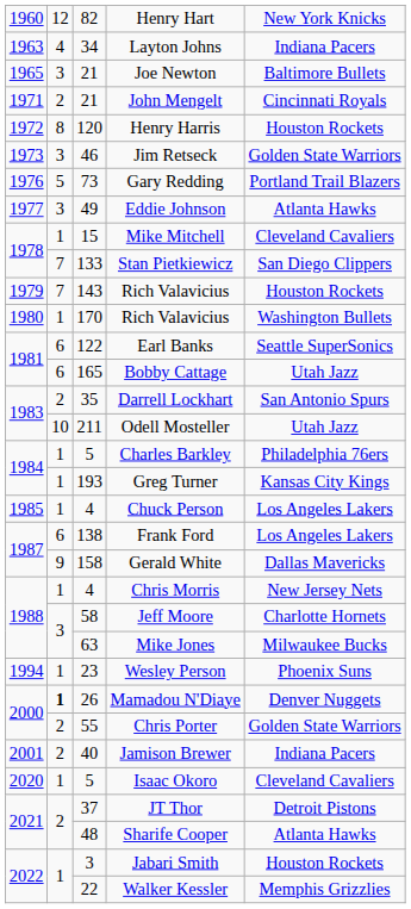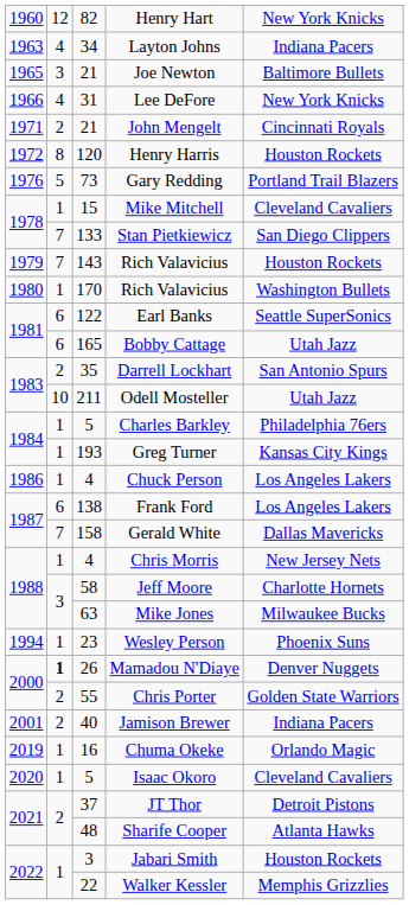 <table class="wikitable">
 <tr align="center">
 <td><a href='#'>1960</a></td>
 <td>12</td>
 <td>82</td>
 <td>Henry Hart</td>
 <td><a href='#'>New York Knicks</a></td>
 </tr>
 <tr align="center">
 <td><a href='#'>1963</a></td>
 <td>4</td>
 <td>34</td>
 <td>Layton Johns</td>
 <td><a href='#'>Indiana Pacers</a></td>
 </tr>
 <tr align="center">
 <td><a href='#'>1965</a></td>
 <td>3</td>
 <td>21</td>
 <td>Joe Newton</td>
 <td><a href='#'>Baltimore Bullets</a></td>
 </tr>
 <tr align="center">
+<td><a href='#'>1966</a></td>
+<td>4</td>
+<td>31</td>
+<td>Lee DeFore</td>
+<td><a href='#'>New York Knicks</a></td>
+</tr>
+<tr align="center">
 <td><a href='#'>1971</a></td>
 <td>2</td>
 <td>21</td>
 <td><a href='#'>John Mengelt</a></td>
 <td><a href='#'>Cincinnati Royals</a></td>
 </tr>
 <tr align="center">
 <td><a href='#'>1972</a></td>
 <td>8</td>
 <td>120</td>
 <td>Henry Harris</td>
 <td><a href='#'>Houston Rockets</a></td>
 </tr>
 <tr align="center">
-<td><a href='#'>1973</a></td>
-<td>3</td>
-<td>46</td>
-<td>Jim Retseck</td>
-<td><a href='#'>Golden State Warriors</a></td>
-</tr>
-<tr align="center">
 <td><a href='#'>1976</a></td>
 <td>5</td>
 <td>73</td>
 <td>Gary Redding</td>
 <td><a href='#'>Portland Trail Blazers</a></td>
-</tr>
-<tr align="center">
-<td><a href='#'>1977</a></td>
-<td>3</td>
-<td>49</td>
-<td><a href='#'>Eddie Johnson</a></td>
-<td><a href='#'>Atlanta Hawks</a></td>
 </tr>
 <tr align="center">
 <td rowspan="2"><a href='#'>1978</a></td>
 <td>1</td>
 <td>15</td>
 <td><a href='#'>Mike Mitchell</a></td>
 <td><a href='#'>Cleveland Cavaliers</a></td>
 </tr>
 <tr align="center">
 <td>7</td>
 <td>133</td>
 <td><a href='#'>Stan Pietkiewicz</a></td>
 <td><a href='#'>San Diego Clippers</a></td>
 </tr>
 <tr align="center">
 <td><a href='#'>1979</a></td>
 <td>7</td>
 <td>143</td>
 <td>Rich Valavicius</td>
 <td><a href='#'>Houston Rockets</a></td>
 </tr>
 <tr align="center">
 <td><a href='#'>1980</a></td>
 <td>1</td>
 <td>170</td>
 <td>Rich Valavicius</td>
 <td><a href='#'>Washington Bullets</a></td>
 </tr>
 <tr align="center">
 <td rowspan="2"><a href='#'>1981</a></td>
 <td>6</td>
 <td>122</td>
 <td>Earl Banks</td>
 <td><a href='#'>Seattle SuperSonics</a></td>
 </tr>
 <tr align="center">
 <td>6</td>
 <td>165</td>
 <td><a href='#'>Bobby Cattage</a></td>
 <td><a href='#'>Utah Jazz</a></td>
 </tr>
 <tr align="center">
 <td rowspan="2"><a href='#'>1983</a></td>
 <td>2</td>
 <td>35</td>
 <td><a href='#'>Darrell Lockhart</a></td>
 <td><a href='#'>San Antonio Spurs</a></td>
 </tr>
 <tr align="center">
 <td>10</td>
 <td>211</td>
 <td>Odell Mosteller</td>
 <td><a href='#'>Utah Jazz</a></td>
 </tr>
 <tr align="center">
 <td rowspan="2"><a href='#'>1984</a></td>
 <td>1</td>
 <td>5</td>
 <td><a href='#'>Charles Barkley</a></td>
 <td><a href='#'>Philadelphia 76ers</a></td>
 </tr>
 <tr align="center">
 <td>1</td>
 <td>193</td>
 <td>Greg Turner</td>
 <td><a href='#'>Kansas City Kings</a></td>
 </tr>
 <tr align="center">
-<td><a href='#'>1985</a></td>
+<td><a href='#'>1986</a></td>
 <td>1</td>
 <td>4</td>
 <td><a href='#'>Chuck Person</a></td>
 <td><a href='#'>Los Angeles Lakers</a></td>
 </tr>
 <tr align="center">
 <td rowspan="2"><a href='#'>1987</a></td>
 <td>6</td>
 <td>138</td>
 <td>Frank Ford</td>
 <td><a href='#'>Los Angeles Lakers</a></td>
 </tr>
 <tr align="center">
-<td>9</td>
+<td>7</td>
 <td>158</td>
 <td>Gerald White</td>
 <td><a href='#'>Dallas Mavericks</a></td>
 </tr>
 <tr align="center">
 <td rowspan="3"><a href='#'>1988</a></td>
 <td>1</td>
 <td>4</td>
 <td><a href='#'>Chris Morris</a></td>
 <td><a href='#'>New Jersey Nets</a></td>
 </tr>
 <tr align="center">
 <td rowspan="2">3</td>
 <td>58</td>
 <td><a href='#'>Jeff Moore</a></td>
 <td><a href='#'>Charlotte Hornets</a></td>
 </tr>
 <tr align="center">
 <td>63</td>
 <td><a href='#'>Mike Jones</a></td>
 <td><a href='#'>Milwaukee Bucks</a></td>
 </tr>
 <tr align="center">
 <td><a href='#'>1994</a></td>
 <td>1</td>
 <td>23</td>
 <td><a href='#'>Wesley Person</a></td>
 <td><a href='#'>Phoenix Suns</a></td>
 </tr>
 <tr align="center">
 <td rowspan="2"><a href='#'>2000</a></td>
 <td><strong>1</strong></td>
 <td>26</td>
 <td><a href='#'>Mamadou N'Diaye</a></td>
 <td><a href='#'>Denver Nuggets</a></td>
 </tr>
 <tr align="center">
 <td>2</td>
 <td>55</td>
 <td><a href='#'>Chris Porter</a></td>
 <td><a href='#'>Golden State Warriors</a></td>
 </tr>
 <tr align="center">
 <td><a href='#'>2001</a></td>
 <td>2</td>
 <td>40</td>
 <td><a href='#'>Jamison Brewer</a></td>
 <td><a href='#'>Indiana Pacers</a></td>
 </tr>
 <tr align="center">
+<td><a href='#'>2019</a></td>
+<td>1</td>
+<td>16</td>
+<td><a href='#'>Chuma Okeke</a></td>
+<td><a href='#'>Orlando Magic</a></td>
+</tr>
+<tr align="center">
 <td><a href='#'>2020</a></td>
 <td>1</td>
 <td>5</td>
 <td><a href='#'>Isaac Okoro</a></td>
 <td><a href='#'>Cleveland Cavaliers</a></td>
 </tr>
 <tr align="center">
 <td rowspan="2"><a href='#'>2021</a></td>
 <td rowspan="2">2</td>
 <td>37</td>
 <td><a href='#'>JT Thor</a></td>
 <td><a href='#'>Detroit Pistons</a></td>
 </tr>
 <tr align="center">
 <td>48</td>
 <td><a href='#'>Sharife Cooper</a></td>
 <td><a href='#'>Atlanta Hawks</a></td>
 </tr>
 <tr align="center">
 <td rowspan="2"><a href='#'>2022</a></td>
 <td rowspan="2">1</td>
 <td>3</td>
 <td><a href='#'>Jabari Smith</a></td>
 <td><a href='#'>Houston Rockets</a></td>
 </tr>
 <tr align="center">
 <td>22</td>
 <td><a href='#'>Walker Kessler</a></td>
 <td><a href='#'>Memphis Grizzlies</a></td>
 </tr>
 </table>
